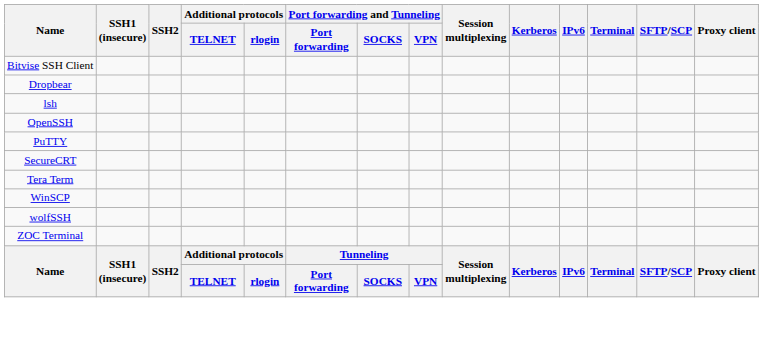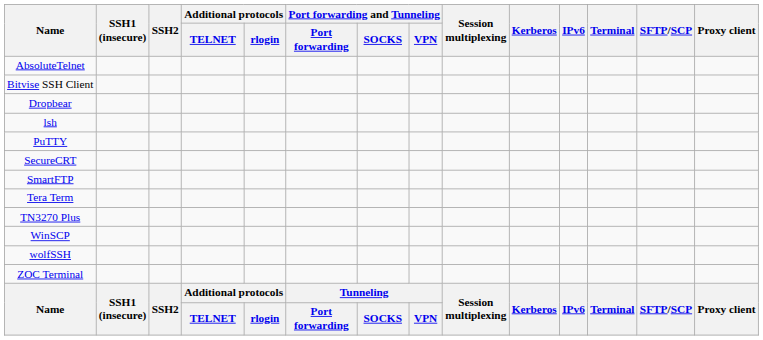 <table class="wikitable sortable sort-under" style="font-size: smaller; text-align: center; width: auto;">
 <tr>
 <th rowspan="2">Name</th>
 <th rowspan="2">SSH1<br>(insecure)</th>
 <th rowspan="2">SSH2</th>
 <th colspan="2">Additional protocols </th>
 <th colspan="3"><a href='#'>Port forwarding</a> and <a href='#'>Tunneling</a> </th>
 <th rowspan="2">Session<br>multiplexing<br></th>
 <th rowspan="2"><a href='#'>Kerberos</a></th>
 <th rowspan="2"><a href='#'>IPv6</a></th>
 <th rowspan="2"><a href='#'>Terminal</a></th>
 <th rowspan="2"><a href='#'>SFTP</a>/<a href='#'>SCP</a></th>
 <th rowspan="2">Proxy client</th>
 </tr>
 <tr>
 <th><a href='#'>TELNET</a></th>
 <th><a href='#'>rlogin</a></th>
 <th><a href='#'>Port<br>forwarding</a></th>
 <th><a href='#'>SOCKS</a><br></th>
 <th><a href='#'>VPN</a><br></th>
+</tr>
+<tr>
+<td><a href='#'>AbsoluteTelnet</a></td>
+<td></td>
+<td></td>
+<td></td>
+<td></td>
+<td></td>
+<td></td>
+<td></td>
+<td></td>
+<td></td>
+<td></td>
+<td></td>
+<td></td>
+<td></td>
 </tr>
 <tr>
 <td><a href='#'>Bitvise</a> SSH Client</td>
 <td></td>
 <td></td>
 <td></td>
 <td></td>
 <td></td>
 <td></td>
 <td></td>
 <td></td>
 <td></td>
 <td></td>
 <td></td>
 <td></td>
 <td></td>
 </tr>
 <tr>
 <td><a href='#'>Dropbear</a></td>
 <td></td>
 <td></td>
 <td></td>
 <td></td>
 <td></td>
 <td></td>
 <td></td>
 <td></td>
 <td></td>
 <td></td>
 <td></td>
 <td></td>
 <td> </td>
 </tr>
 <tr>
 <td><a href='#'>lsh</a></td>
 <td></td>
 <td></td>
 <td></td>
 <td></td>
 <td></td>
 <td></td>
 <td></td>
 <td></td>
 <td></td>
 <td></td>
 <td></td>
 <td></td>
 <td> </td>
 </tr>
 <tr>
-<td><a href='#'>OpenSSH</a></td>
-<td></td>
-<td></td>
-<td></td>
-<td></td>
-<td></td>
-<td></td>
-<td></td>
-<td></td>
-<td></td>
-<td></td>
-<td></td>
-<td></td>
-<td> </td>
-</tr>
-<tr>
 <td><a href='#'>PuTTY</a></td>
 <td></td>
 <td></td>
 <td></td>
 <td></td>
 <td></td>
 <td></td>
 <td></td>
 <td></td>
 <td></td>
 <td></td>
 <td></td>
 <td></td>
 <td> </td>
 </tr>
 <tr>
 <td><a href='#'>SecureCRT</a></td>
 <td></td>
 <td></td>
 <td></td>
 <td></td>
 <td></td>
 <td></td>
 <td></td>
 <td></td>
 <td></td>
 <td></td>
 <td></td>
 <td></td>
 <td></td>
 </tr>
 <tr>
+<td><a href='#'>SmartFTP</a></td>
+<td></td>
+<td></td>
+<td></td>
+<td></td>
+<td></td>
+<td></td>
+<td></td>
+<td></td>
+<td></td>
+<td></td>
+<td></td>
+<td></td>
+<td></td>
+</tr>
+<tr>
 <td><a href='#'>Tera Term</a></td>
+<td></td>
+<td></td>
+<td></td>
+<td></td>
+<td></td>
+<td></td>
+<td></td>
+<td></td>
+<td></td>
+<td></td>
+<td></td>
+<td></td>
+<td> </td>
+</tr>
+<tr>
+<td><a href='#'>TN3270 Plus</a></td>
 <td></td>
 <td></td>
 <td></td>
 <td></td>
 <td></td>
 <td></td>
 <td></td>
 <td></td>
 <td></td>
 <td></td>
 <td></td>
 <td></td>
 <td> </td>
 </tr>
 <tr>
 <td><a href='#'>WinSCP</a> </td>
 <td></td>
 <td></td>
 <td></td>
 <td></td>
 <td></td>
 <td></td>
 <td></td>
 <td></td>
 <td></td>
 <td></td>
 <td></td>
 <td></td>
 <td> <br> </td>
 </tr>
 <tr>
 <td><a href='#'>wolfSSH</a></td>
 <td></td>
 <td></td>
 <td></td>
 <td></td>
 <td></td>
 <td></td>
 <td></td>
 <td></td>
 <td></td>
 <td></td>
 <td></td>
 <td></td>
 <td> <br> </td>
 </tr>
 <tr>
 <td><a href='#'>ZOC Terminal</a></td>
 <td></td>
 <td></td>
 <td></td>
 <td></td>
 <td></td>
 <td></td>
 <td></td>
 <td></td>
 <td></td>
 <td></td>
 <td></td>
 <td></td>
 <td> </td>
 </tr>
 <tr>
 <th rowspan="2">Name</th>
 <th rowspan="2">SSH1<br>(insecure)</th>
 <th rowspan="2">SSH2</th>
 <th colspan="2">Additional protocols </th>
 <th colspan="3"><a href='#'>Tunneling</a> </th>
 <th rowspan="2">Session<br>multiplexing<br></th>
 <th rowspan="2"><a href='#'>Kerberos</a></th>
 <th rowspan="2"><a href='#'>IPv6</a></th>
 <th rowspan="2"><a href='#'>Terminal</a></th>
 <th rowspan="2"><a href='#'>SFTP</a>/<a href='#'>SCP</a></th>
 <th rowspan="2">Proxy client</th>
 </tr>
 <tr>
 <th><a href='#'>TELNET</a></th>
 <th><a href='#'>rlogin</a></th>
 <th><a href='#'>Port<br>forwarding</a></th>
 <th><a href='#'>SOCKS</a><br></th>
 <th><a href='#'>VPN</a><br></th>
 </tr>
 </table>
